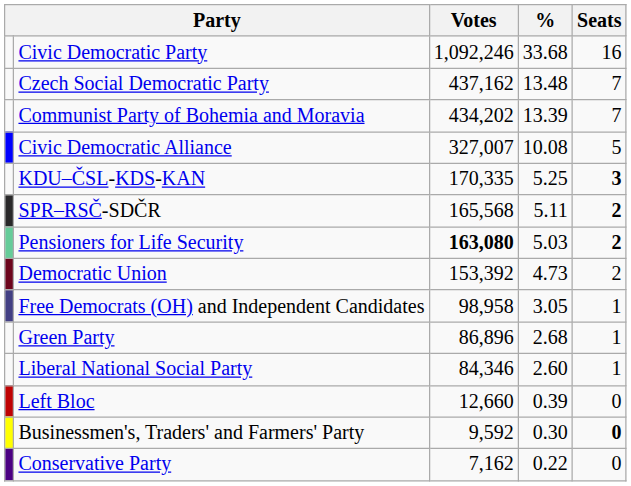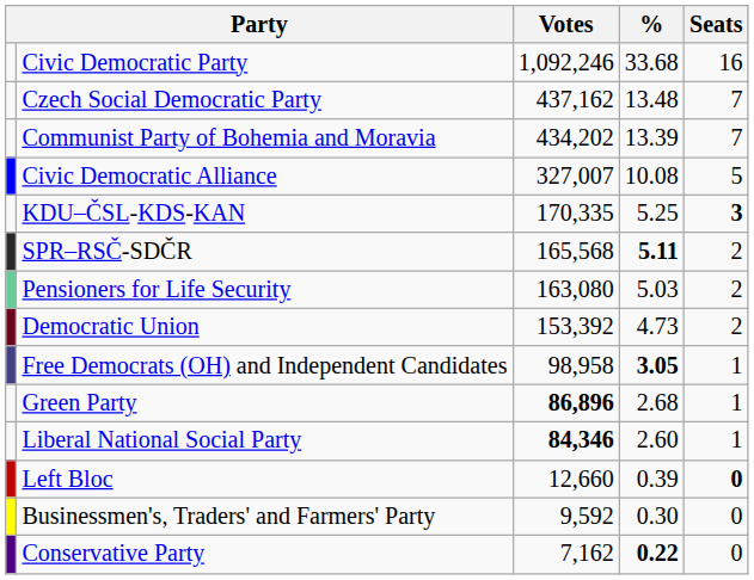 <table class=wikitable style=text-align:right>
 <tr>
 <th colspan=2>Party</th>
 <th>Votes</th>
 <th>%</th>
 <th>Seats</th>
 </tr>
 <tr>
 <td></td>
 <td align=left><a href='#'>Civic Democratic Party</a></td>
 <td>1,092,246</td>
 <td>33.68</td>
 <td>16</td>
 </tr>
 <tr>
 <td></td>
 <td align=left><a href='#'>Czech Social Democratic Party</a></td>
 <td>437,162</td>
 <td>13.48</td>
 <td>7</td>
 </tr>
 <tr>
 <td></td>
 <td align=left><a href='#'>Communist Party of Bohemia and Moravia</a></td>
 <td>434,202</td>
 <td>13.39</td>
 <td>7</td>
 </tr>
 <tr>
 <td style="background:#0000FF;"></td>
 <td align=left><a href='#'>Civic Democratic Alliance</a></td>
 <td>327,007</td>
 <td>10.08</td>
 <td>5</td>
 </tr>
 <tr>
 <td></td>
 <td align=left><a href='#'>KDU–ČSL</a>-<a href='#'>KDS</a>-<a href='#'>KAN</a></td>
 <td>170,335</td>
 <td>5.25</td>
 <td><strong>3</strong></td>
 </tr>
 <tr>
 <td style="background:#292829;"></td>
 <td align=left><a href='#'>SPR–RSČ</a>-SDČR</td>
 <td>165,568</td>
-<td>5.11</td>
-<td><strong>2</strong></td>
+<td><strong>5.11</strong></td>
+<td>2</td>
 </tr>
 <tr>
 <td style="background:#66CC99;"></td>
 <td align=left><a href='#'>Pensioners for Life Security</a></td>
-<td><strong>163,080</strong></td>
+<td>163,080</td>
 <td>5.03</td>
-<td><strong>2</strong></td>
+<td>2</td>
 </tr>
 <tr>
 <td style="background:#6D051C;"></td>
 <td align=left><a href='#'>Democratic Union</a></td>
 <td>153,392</td>
 <td>4.73</td>
 <td>2</td>
 </tr>
 <tr>
 <td style="background:#423F83;"></td>
 <td align=left><a href='#'>Free Democrats (OH)</a> and Independent Candidates</td>
 <td>98,958</td>
-<td>3.05</td>
+<td><strong>3.05</strong></td>
 <td>1</td>
 </tr>
 <tr>
 <td></td>
 <td align=left><a href='#'>Green Party</a></td>
-<td>86,896</td>
+<td><strong>86,896</strong></td>
 <td>2.68</td>
 <td>1</td>
 </tr>
 <tr>
 <td></td>
 <td align=left><a href='#'>Liberal National Social Party</a></td>
-<td>84,346</td>
+<td><strong>84,346</strong></td>
 <td>2.60</td>
 <td>1</td>
 </tr>
 <tr>
 <td style="background:#bf0202;"></td>
 <td align=left><a href='#'>Left Bloc</a></td>
 <td>12,660</td>
 <td>0.39</td>
-<td>0</td>
+<td><strong>0</strong></td>
 </tr>
 <tr>
 <td style="background:yellow;"></td>
 <td align=left>Businessmen's, Traders' and Farmers' Party</td>
 <td>9,592</td>
 <td>0.30</td>
-<td><strong>0</strong></td>
+<td>0</td>
 </tr>
 <tr>
 <td style="background:#4b0082;"></td>
 <td align=left><a href='#'>Conservative Party</a></td>
 <td>7,162</td>
-<td>0.22</td>
+<td><strong>0.22</strong></td>
 <td>0</td>
 </tr>
 </table>
